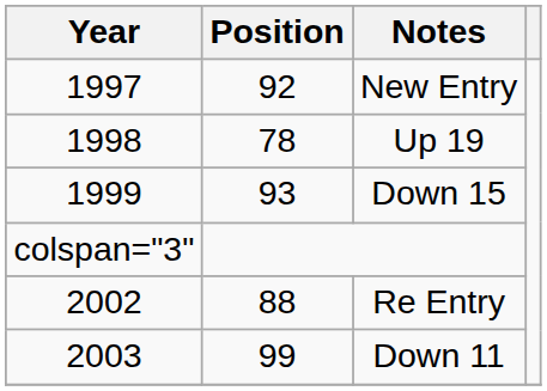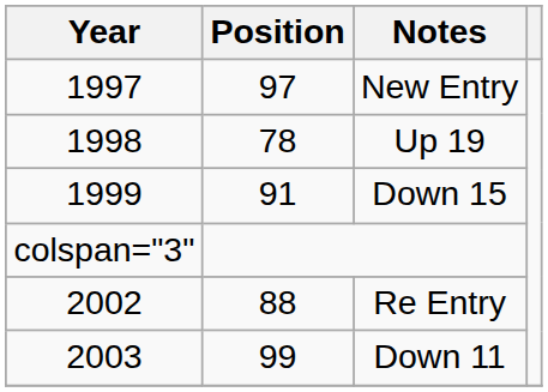 <table class="wikitable plainrowheaders" style="text-align:center;">
 <tr>
 <th>Year</th>
 <th>Position</th>
 <th>Notes</th>
 <th></th>
 </tr>
 <tr>
 <td>1997</td>
-<td>92</td>
+<td>97</td>
 <td>New Entry</td>
 <td rowspan="6"></td>
 </tr>
 <tr>
 <td>1998</td>
 <td>78</td>
 <td>Up 19</td>
 </tr>
 <tr>
 <td>1999</td>
-<td>93</td>
+<td>91</td>
 <td>Down 15</td>
 </tr>
 <tr>
 <td>colspan="3" </td>
 </tr>
 <tr>
 <td>2002</td>
 <td>88</td>
 <td>Re Entry</td>
 </tr>
 <tr>
 <td>2003</td>
 <td>99</td>
 <td>Down 11</td>
 </tr>
 <tr>
 </tr>
 </table>
